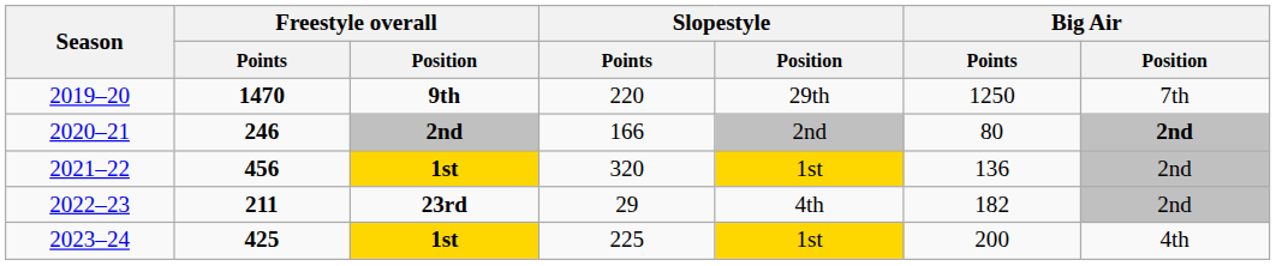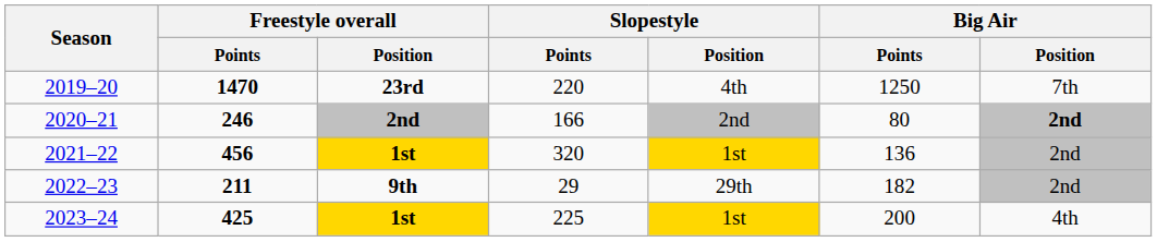 <table class="wikitable" style="text-align:center;" width="70%">
 <tr class="hintergrundfarbe5">
 <th rowspan="2" style="width:4%;">Season</th>
 <th colspan="2">Freestyle overall</th>
 <th colspan="2">Slopestyle</th>
 <th colspan="2">Big Air</th>
 </tr>
 <tr class="hintergrundfarbe5">
 <th style="width:5%;"><small>Points</small></th>
 <th style="width:5%;"><small>Position</small></th>
 <th style="width:5%;"><small>Points</small></th>
 <th style="width:5%;"><small>Position</small></th>
 <th style="width:5%;"><small>Points</small></th>
 <th style="width:5%;"><small>Position</small></th>
 </tr>
 <tr>
 <td><a href='#'>2019–20</a></td>
 <td><strong>1470</strong></td>
-<td><strong>9th</strong></td>
+<td><strong>23rd</strong></td>
 <td>220</td>
-<td>29th</td>
+<td>4th</td>
 <td>1250</td>
 <td>7th</td>
 </tr>
 <tr>
 <td><a href='#'>2020–21</a></td>
 <td><strong>246</strong></td>
 <td style="background:silver;"><strong>2nd</strong></td>
 <td>166</td>
 <td style="background:silver;">2nd</td>
 <td>80</td>
 <td style="background:silver;"><strong>2nd</strong></td>
 </tr>
 <tr>
 <td><a href='#'>2021–22</a></td>
 <td><strong>456</strong></td>
 <td style="background:gold"><strong>1st</strong></td>
 <td>320</td>
 <td style="background:gold;">1st</td>
 <td>136</td>
 <td style="background:silver">2nd</td>
 </tr>
 <tr>
 <td><a href='#'>2022–23</a></td>
 <td><strong>211</strong></td>
-<td><strong>23rd</strong></td>
+<td><strong>9th</strong></td>
 <td>29</td>
-<td>4th</td>
+<td>29th</td>
 <td>182</td>
 <td style="background:silver;">2nd</td>
 </tr>
 <tr>
 <td><a href='#'>2023–24</a></td>
 <td><strong>425</strong></td>
 <td style="background:gold;"><strong>1st</strong></td>
 <td>225</td>
 <td style="background:gold;">1st</td>
 <td>200</td>
 <td>4th</td>
 </tr>
 </table>
